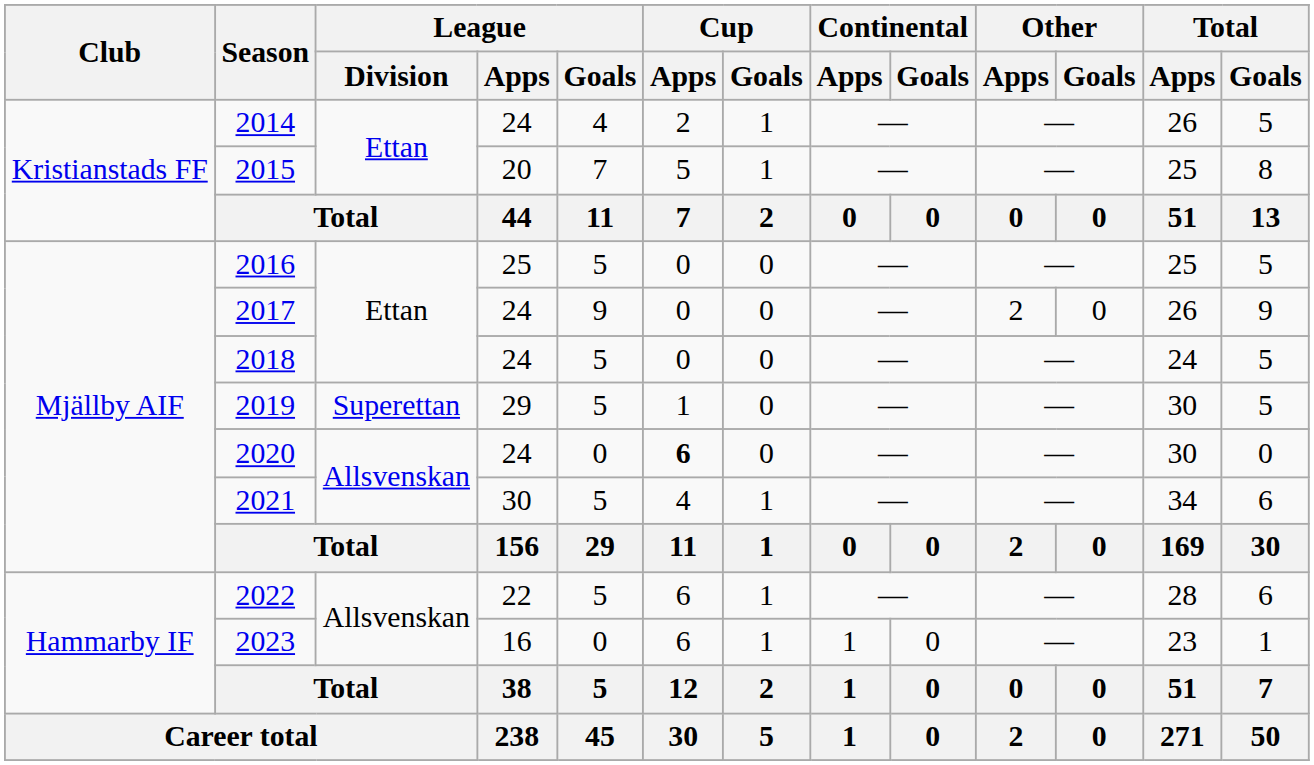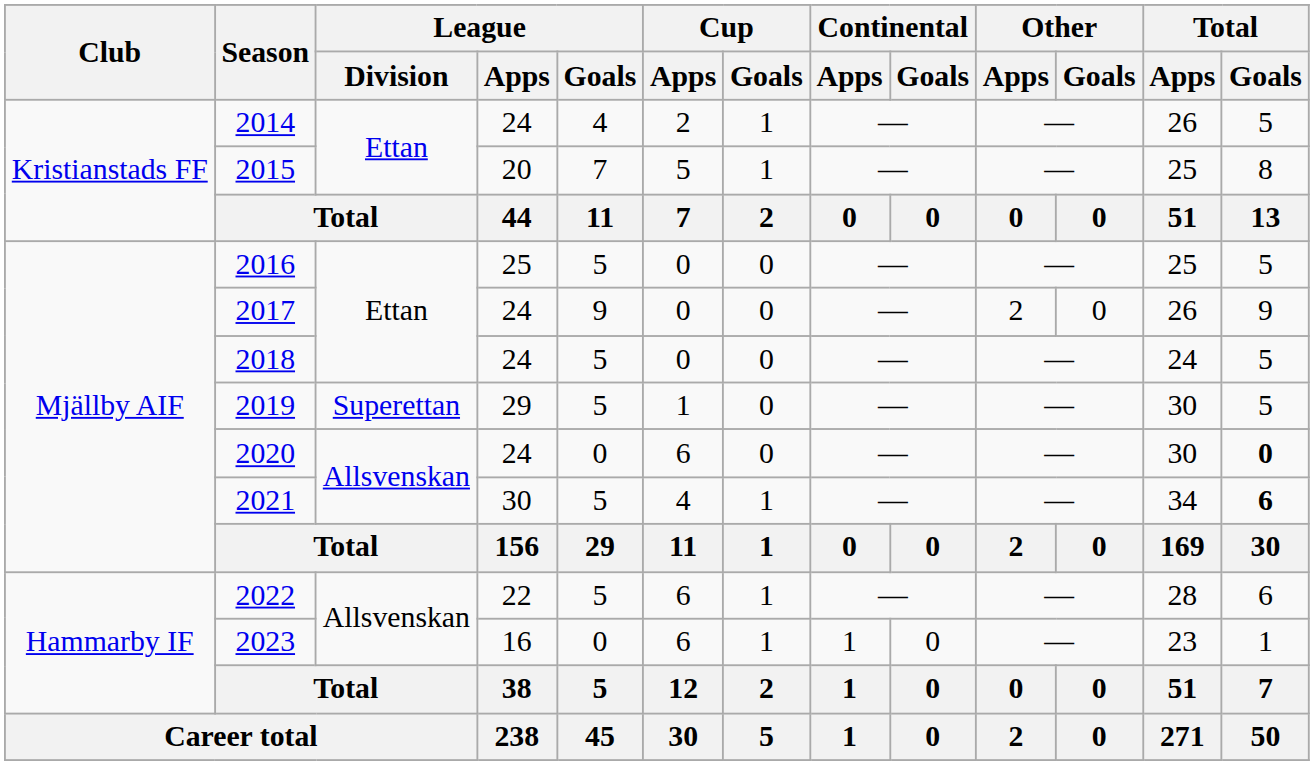 <table class="wikitable" style="text-align:center">
 <tr>
 <th rowspan="2">Club</th>
 <th rowspan="2">Season</th>
 <th colspan="3">League</th>
 <th colspan="2">Cup</th>
 <th colspan="2">Continental</th>
 <th colspan="2">Other</th>
 <th colspan="2">Total</th>
 </tr>
 <tr>
 <th>Division</th>
 <th>Apps</th>
 <th>Goals</th>
 <th>Apps</th>
 <th>Goals</th>
 <th>Apps</th>
 <th>Goals</th>
 <th>Apps</th>
 <th>Goals</th>
 <th>Apps</th>
 <th>Goals</th>
 </tr>
 <tr>
 <td rowspan="3"><a href='#'>Kristianstads FF</a></td>
 <td><a href='#'>2014</a></td>
 <td rowspan="2"><a href='#'>Ettan</a></td>
 <td>24</td>
 <td>4</td>
 <td>2</td>
 <td>1</td>
 <td colspan="2">—</td>
 <td colspan="2">—</td>
 <td>26</td>
 <td>5</td>
 </tr>
 <tr>
 <td><a href='#'>2015</a></td>
 <td>20</td>
 <td>7</td>
 <td>5</td>
 <td>1</td>
 <td colspan="2">—</td>
 <td colspan="2">—</td>
 <td>25</td>
 <td>8</td>
 </tr>
 <tr>
 <th colspan="2">Total</th>
 <th>44</th>
 <th>11</th>
 <th>7</th>
 <th>2</th>
 <th>0</th>
 <th>0</th>
 <th>0</th>
 <th>0</th>
 <th>51</th>
 <th>13</th>
 </tr>
 <tr>
 <td rowspan="7"><a href='#'>Mjällby AIF</a></td>
 <td><a href='#'>2016</a></td>
 <td rowspan="3">Ettan</td>
 <td>25</td>
 <td>5</td>
 <td>0</td>
 <td>0</td>
 <td colspan="2">—</td>
 <td colspan="2">—</td>
 <td>25</td>
 <td>5</td>
 </tr>
 <tr>
 <td><a href='#'>2017</a></td>
 <td>24</td>
 <td>9</td>
 <td>0</td>
 <td>0</td>
 <td colspan="2">—</td>
 <td>2</td>
 <td>0</td>
 <td>26</td>
 <td>9</td>
 </tr>
 <tr>
 <td><a href='#'>2018</a></td>
 <td>24</td>
 <td>5</td>
 <td>0</td>
 <td>0</td>
 <td colspan="2">—</td>
 <td colspan="2">—</td>
 <td>24</td>
 <td>5</td>
 </tr>
 <tr>
 <td><a href='#'>2019</a></td>
 <td><a href='#'>Superettan</a></td>
 <td>29</td>
 <td>5</td>
 <td>1</td>
 <td>0</td>
 <td colspan="2">—</td>
 <td colspan="2">—</td>
 <td>30</td>
 <td>5</td>
 </tr>
 <tr>
 <td><a href='#'>2020</a></td>
 <td rowspan="2"><a href='#'>Allsvenskan</a></td>
 <td>24</td>
 <td>0</td>
-<td><strong>6</strong></td>
+<td>6</td>
 <td>0</td>
 <td colspan="2">—</td>
 <td colspan="2">—</td>
 <td>30</td>
-<td>0</td>
+<td><strong>0</strong></td>
 </tr>
 <tr>
 <td><a href='#'>2021</a></td>
 <td>30</td>
 <td>5</td>
 <td>4</td>
 <td>1</td>
 <td colspan="2">—</td>
 <td colspan="2">—</td>
 <td>34</td>
-<td>6</td>
+<td><strong>6</strong></td>
 </tr>
 <tr>
 <th colspan="2">Total</th>
 <th>156</th>
 <th>29</th>
 <th>11</th>
 <th>1</th>
 <th>0</th>
 <th>0</th>
 <th>2</th>
 <th>0</th>
 <th>169</th>
 <th>30</th>
 </tr>
 <tr>
 <td rowspan="3"><a href='#'>Hammarby IF</a></td>
 <td><a href='#'>2022</a></td>
 <td rowspan="2">Allsvenskan</td>
 <td>22</td>
 <td>5</td>
 <td>6</td>
 <td>1</td>
 <td colspan="2">—</td>
 <td colspan="2">—</td>
 <td>28</td>
 <td>6</td>
 </tr>
 <tr>
 <td><a href='#'>2023</a></td>
 <td>16</td>
 <td>0</td>
 <td>6</td>
 <td>1</td>
 <td>1</td>
 <td>0</td>
 <td colspan="2">—</td>
 <td>23</td>
 <td>1</td>
 </tr>
 <tr>
 <th colspan="2">Total</th>
 <th>38</th>
 <th>5</th>
 <th>12</th>
 <th>2</th>
 <th>1</th>
 <th>0</th>
 <th>0</th>
 <th>0</th>
 <th>51</th>
 <th>7</th>
 </tr>
 <tr>
 <th colspan="3">Career total</th>
 <th>238</th>
 <th>45</th>
 <th>30</th>
 <th>5</th>
 <th>1</th>
 <th>0</th>
 <th>2</th>
 <th>0</th>
 <th>271</th>
 <th>50</th>
 </tr>
 </table>
